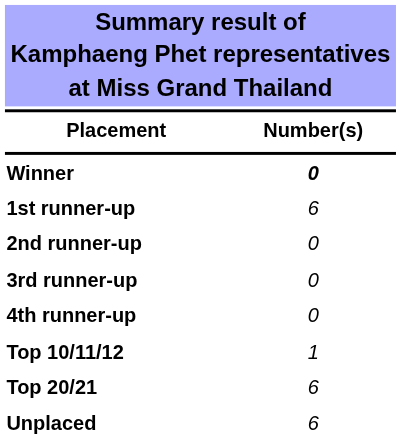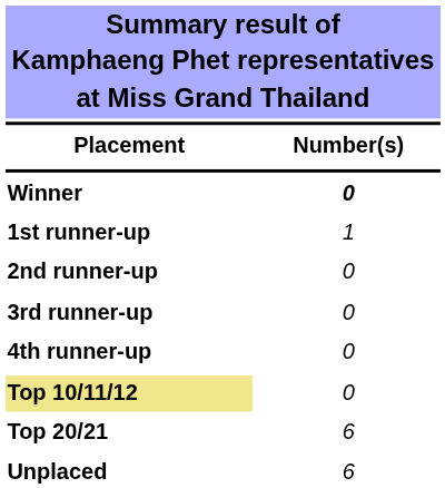 <table style="width: 270px; font-size:85%; line-height:1.5em;">
 <tr>
 <th colspan="2" align="center" style="background:#AAF;"><big>Summary result of<br>Kamphaeng Phet representatives<br>at Miss Grand Thailand</big></th>
 </tr>
 <tr>
 <td colspan="2" style="background:black"></td>
 </tr>
 <tr>
 <th scope="col">Placement</th>
 <th scope="col">Number(s)</th>
 </tr>
 <tr>
 <td colspan="2" style="background:black"></td>
 </tr>
 <tr>
 <td align="left"><strong>Winner</strong></td>
 <td align="center"><strong><em>0</em></strong></td>
 </tr>
 <tr>
 <td align="left"><strong>1st runner-up</strong></td>
-<td align="center"><em>6</em></td>
+<td align="center"><em>1</em></td>
 </tr>
 <tr>
 <td align="left"><strong>2nd runner-up</strong></td>
 <td align="center"><em>0</em></td>
 </tr>
 <tr>
 <td align="left"><strong>3rd runner-up</strong></td>
 <td align="center"><em>0</em></td>
 </tr>
 <tr>
 <td align="left"><strong>4th runner-up</strong></td>
 <td align="center"><em>0</em></td>
 </tr>
 <tr>
-<td align="left"><strong>Top 10/11/12</strong></td>
-<td align="center"><em>1</em></td>
+<td align="left" style="background: khaki;"><strong>Top 10/11/12</strong></td>
+<td align="center"><em>0</em></td>
 </tr>
 <tr>
 <td align="left"><strong>Top 20/21</strong></td>
 <td align="center"><em>6</em></td>
 </tr>
 <tr>
 <td align="left"><strong>Unplaced</strong></td>
 <td align="center"><em>6</em></td>
 </tr>
 </table>
